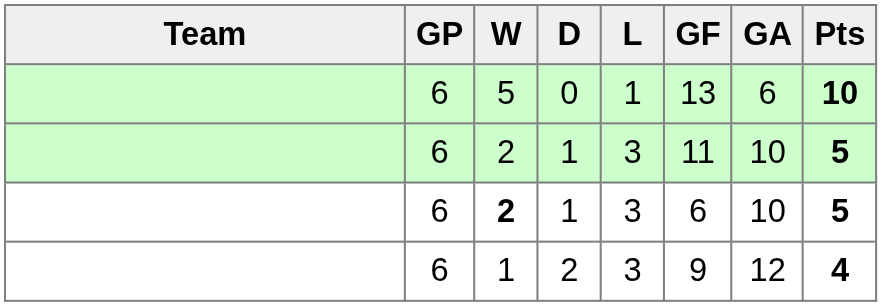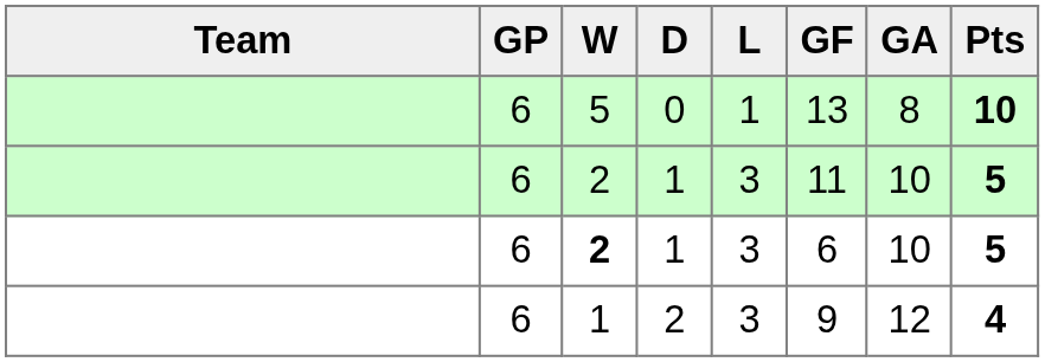 <table style=border-collapse:collapse border=1 cellspacing=0 cellpadding=5>
 <tr align=center bgcolor=#efefef>
 <th width=185>Team</th>
 <th width=20>GP</th>
 <th width=20>W</th>
 <th width=20>D</th>
 <th width=20>L</th>
 <th width=20>GF</th>
 <th width=20>GA</th>
 <th width=20>Pts</th>
 </tr>
 <tr bgcolor=#ccffcc align=center>
 <td style="text-align:left;"></td>
 <td>6</td>
 <td>5</td>
 <td>0</td>
 <td>1</td>
 <td>13</td>
-<td>6</td>
+<td>8</td>
 <td><strong>10</strong></td>
 </tr>
 <tr bgcolor=#ccffcc align=center>
 <td style="text-align:left;"></td>
 <td>6</td>
 <td>2</td>
 <td>1</td>
 <td>3</td>
 <td>11</td>
 <td>10</td>
 <td><strong>5</strong></td>
 </tr>
 <tr align=center>
 <td style="text-align:left;"></td>
 <td>6</td>
 <td><strong>2</strong></td>
 <td>1</td>
 <td>3</td>
 <td>6</td>
 <td>10</td>
 <td><strong>5</strong></td>
 </tr>
 <tr align=center>
 <td style="text-align:left;"></td>
 <td>6</td>
 <td>1</td>
 <td>2</td>
 <td>3</td>
 <td>9</td>
 <td>12</td>
 <td><strong>4</strong></td>
 </tr>
 </table>
